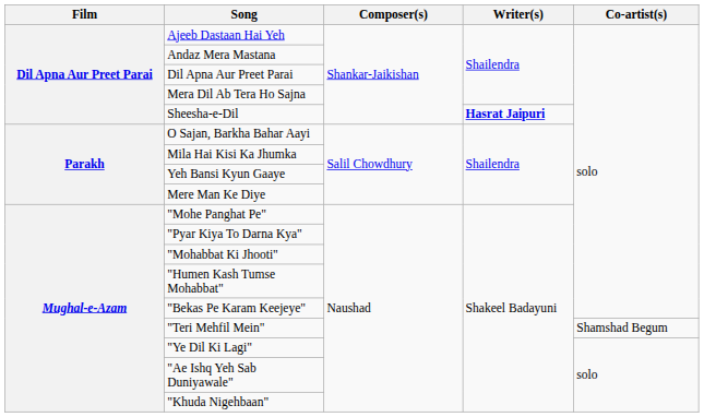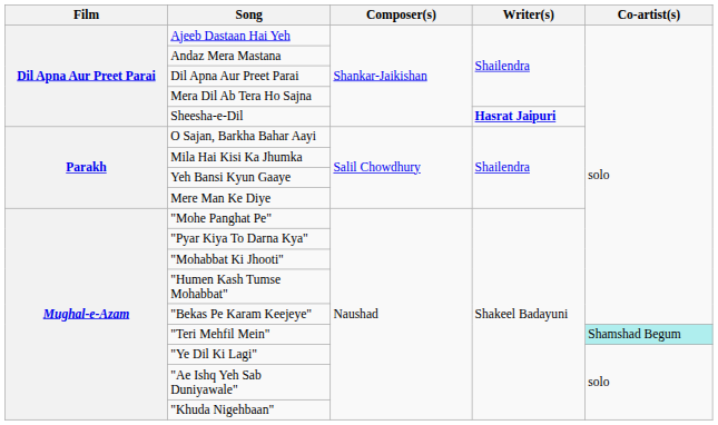 <table class="wikitable plainrowheaders" style="width:100%; textcolor:#000">
 <tr style="background:#b0e0e66;">
 <th scope="col" style="width:23%;"><strong>Film</strong></th>
 <th scope="col" style="width:23%;"><strong>Song</strong></th>
 <th scope="col" style="width:20%;"><strong>Composer(s)</strong></th>
 <th scope="col" style="width:16%;"><strong>Writer(s)</strong></th>
 <th scope="col" style="width:18%;"><strong>Co-artist(s)</strong></th>
 </tr>
 <tr>
 <th rowspan="5"><a href='#'>Dil Apna Aur Preet Parai</a></th>
 <td><a href='#'>Ajeeb Dastaan Hai Yeh</a></td>
 <td rowspan="5"><a href='#'>Shankar-Jaikishan</a></td>
 <td rowspan="4"><a href='#'>Shailendra</a></td>
 <td rowspan=14>solo</td>
 </tr>
 <tr>
 <td>Andaz Mera Mastana</td>
 </tr>
 <tr>
 <td>Dil Apna Aur Preet Parai</td>
 </tr>
 <tr>
 <td>Mera Dil Ab Tera Ho Sajna</td>
 </tr>
 <tr>
 <td>Sheesha-e-Dil</td>
 <td><strong><a href='#'>Hasrat Jaipuri</a></strong></td>
 </tr>
 <tr>
 <th rowspan="4"><a href='#'>Parakh</a></th>
 <td>O Sajan, Barkha Bahar Aayi</td>
 <td rowspan="4"><a href='#'>Salil Chowdhury</a></td>
 <td rowspan="4"><a href='#'>Shailendra</a></td>
 </tr>
 <tr>
 <td>Mila Hai Kisi Ka Jhumka</td>
 </tr>
 <tr>
 <td>Yeh Bansi Kyun Gaaye</td>
 </tr>
 <tr>
 <td>Mere Man Ke Diye</td>
 </tr>
 <tr>
 <th rowspan=9><em><a href='#'>Mughal-e-Azam</a></em></th>
 <td>"Mohe Panghat Pe"</td>
 <td rowspan=9>Naushad</td>
 <td rowspan=9>Shakeel Badayuni</td>
 </tr>
 <tr>
 <td>"Pyar Kiya To Darna Kya"</td>
 </tr>
 <tr>
 <td>"Mohabbat Ki Jhooti"</td>
 </tr>
 <tr>
 <td>"Humen Kash Tumse Mohabbat"</td>
 </tr>
 <tr>
 <td>"Bekas Pe Karam Keejeye"</td>
 </tr>
 <tr>
 <td>"Teri Mehfil Mein"</td>
-<td>Shamshad Begum</td>
+<td style="background: paleturquoise;">Shamshad Begum</td>
 </tr>
 <tr>
 <td>"Ye Dil Ki Lagi"</td>
 <td rowspan=3>solo</td>
 </tr>
 <tr>
 <td>"Ae Ishq Yeh Sab Duniyawale"</td>
 </tr>
 <tr>
 <td>"Khuda Nigehbaan"</td>
 </tr>
 </table>
